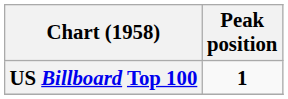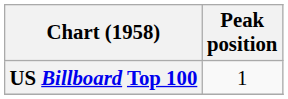 <table class="wikitable sortable plainrowheaders" style="text-align:center">
 <tr>
 <th>Chart (1958)</th>
 <th>Peak<br>position</th>
 </tr>
 <tr>
 <th scope="row">US <a href='#'><em>Billboard</em></a> <a href='#'>Top 100</a></th>
-<td><strong>1</strong></td>
+<td>1</td>
 </tr>
 <tr>
 </tr>
 </table>
